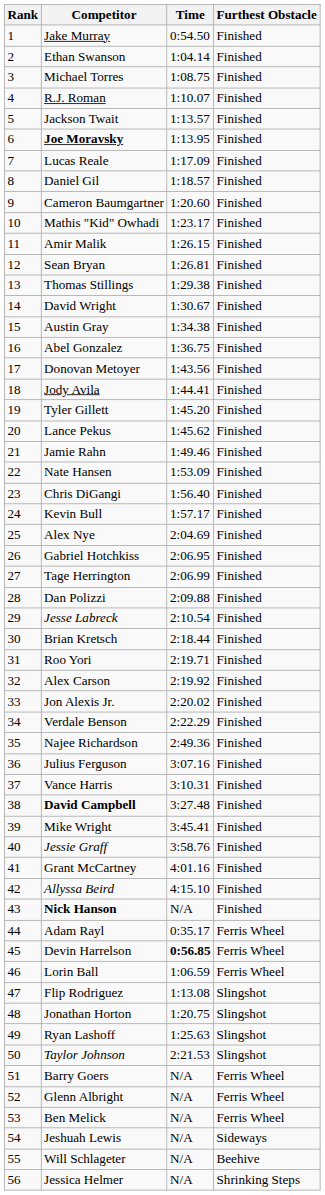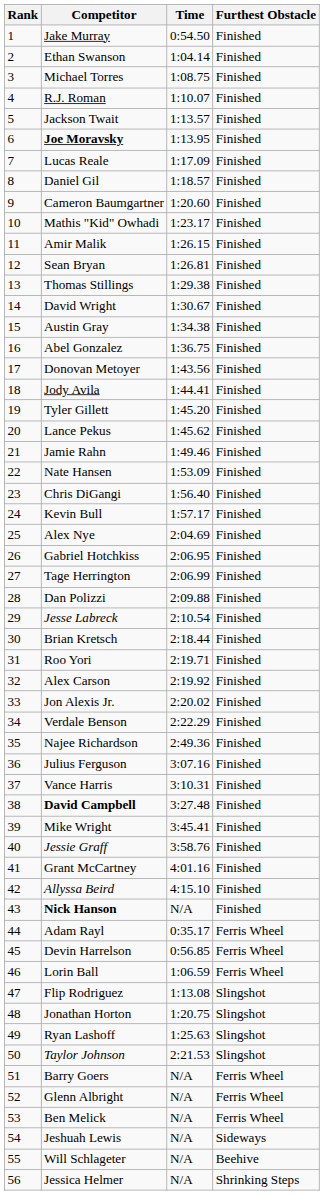 <table class="wikitable sortable mw-collapsible">
 <tr>
 <th>Rank</th>
 <th>Competitor</th>
 <th>Time</th>
 <th>Furthest Obstacle</th>
 </tr>
 <tr>
 <td>1</td>
 <td><u>Jake Murray</u></td>
 <td>0:54.50</td>
 <td>Finished</td>
 </tr>
 <tr>
 <td>2</td>
 <td>Ethan Swanson</td>
 <td>1:04.14</td>
 <td>Finished</td>
 </tr>
 <tr>
 <td>3</td>
 <td>Michael Torres</td>
 <td>1:08.75</td>
 <td>Finished</td>
 </tr>
 <tr>
 <td>4</td>
 <td><u>R.J. Roman</u></td>
 <td>1:10.07</td>
 <td>Finished</td>
 </tr>
 <tr>
 <td>5</td>
 <td>Jackson Twait</td>
 <td>1:13.57</td>
 <td>Finished</td>
 </tr>
 <tr>
 <td>6</td>
 <td><u><strong>Joe Moravsky</strong></u></td>
 <td>1:13.95</td>
 <td>Finished</td>
 </tr>
 <tr>
 <td>7</td>
 <td>Lucas Reale</td>
 <td>1:17.09</td>
 <td>Finished</td>
 </tr>
 <tr>
 <td>8</td>
 <td>Daniel Gil</td>
 <td>1:18.57</td>
 <td>Finished</td>
 </tr>
 <tr>
 <td>9</td>
 <td>Cameron Baumgartner</td>
 <td>1:20.60</td>
 <td>Finished</td>
 </tr>
 <tr>
 <td>10</td>
 <td>Mathis "Kid" Owhadi</td>
 <td>1:23.17</td>
 <td>Finished</td>
 </tr>
 <tr>
 <td>11</td>
 <td>Amir Malik</td>
 <td>1:26.15</td>
 <td>Finished</td>
 </tr>
 <tr>
 <td>12</td>
 <td>Sean Bryan</td>
 <td>1:26.81</td>
 <td>Finished</td>
 </tr>
 <tr>
 <td>13</td>
 <td>Thomas Stillings</td>
 <td>1:29.38</td>
 <td>Finished</td>
 </tr>
 <tr>
 <td>14</td>
 <td>David Wright</td>
 <td>1:30.67</td>
 <td>Finished</td>
 </tr>
 <tr>
 <td>15</td>
 <td>Austin Gray</td>
 <td>1:34.38</td>
 <td>Finished</td>
 </tr>
 <tr>
 <td>16</td>
 <td>Abel Gonzalez</td>
 <td>1:36.75</td>
 <td>Finished</td>
 </tr>
 <tr>
 <td>17</td>
 <td>Donovan Metoyer</td>
 <td>1:43.56</td>
 <td>Finished</td>
 </tr>
 <tr>
 <td>18</td>
 <td><u>Jody Avila </u></td>
 <td>1:44.41</td>
 <td>Finished</td>
 </tr>
 <tr>
 <td>19</td>
 <td>Tyler Gillett</td>
 <td>1:45.20</td>
 <td>Finished</td>
 </tr>
 <tr>
 <td>20</td>
 <td>Lance Pekus</td>
 <td>1:45.62</td>
 <td>Finished</td>
 </tr>
 <tr>
 <td>21</td>
 <td>Jamie Rahn</td>
 <td>1:49.46</td>
 <td>Finished</td>
 </tr>
 <tr>
 <td>22</td>
 <td>Nate Hansen</td>
 <td>1:53.09</td>
 <td>Finished</td>
 </tr>
 <tr>
 <td>23</td>
 <td>Chris DiGangi</td>
 <td>1:56.40</td>
 <td>Finished</td>
 </tr>
 <tr>
 <td>24</td>
 <td>Kevin Bull</td>
 <td>1:57.17</td>
 <td>Finished</td>
 </tr>
 <tr>
 <td>25</td>
 <td>Alex Nye</td>
 <td>2:04.69</td>
 <td>Finished</td>
 </tr>
 <tr>
 <td>26</td>
 <td>Gabriel Hotchkiss</td>
 <td>2:06.95</td>
 <td>Finished</td>
 </tr>
 <tr>
 <td>27</td>
 <td>Tage Herrington</td>
 <td>2:06.99</td>
 <td>Finished</td>
 </tr>
 <tr>
 <td>28</td>
 <td>Dan Polizzi</td>
 <td>2:09.88</td>
 <td>Finished</td>
 </tr>
 <tr>
 <td>29</td>
 <td><em>Jesse Labreck</em></td>
 <td>2:10.54</td>
 <td>Finished</td>
 </tr>
 <tr>
 <td>30</td>
 <td>Brian Kretsch</td>
 <td>2:18.44</td>
 <td>Finished</td>
 </tr>
 <tr>
 <td>31</td>
 <td>Roo Yori</td>
 <td>2:19.71</td>
 <td>Finished</td>
 </tr>
 <tr>
 <td>32</td>
 <td>Alex Carson</td>
 <td>2:19.92</td>
 <td>Finished</td>
 </tr>
 <tr>
 <td>33</td>
 <td>Jon Alexis Jr.</td>
 <td>2:20.02</td>
 <td>Finished</td>
 </tr>
 <tr>
 <td>34</td>
 <td>Verdale Benson</td>
 <td>2:22.29</td>
 <td>Finished</td>
 </tr>
 <tr>
 <td>35</td>
 <td>Najee Richardson</td>
 <td>2:49.36</td>
 <td>Finished</td>
 </tr>
 <tr>
 <td>36</td>
 <td>Julius Ferguson</td>
 <td>3:07.16</td>
 <td>Finished</td>
 </tr>
 <tr>
 <td>37</td>
 <td>Vance Harris</td>
 <td>3:10.31</td>
 <td>Finished</td>
 </tr>
 <tr>
 <td>38</td>
 <td><strong>David Campbell</strong></td>
 <td>3:27.48</td>
 <td>Finished</td>
 </tr>
 <tr>
 <td>39</td>
 <td>Mike Wright</td>
 <td>3:45.41</td>
 <td>Finished</td>
 </tr>
 <tr>
 <td>40</td>
 <td><em>Jessie Graff</em></td>
 <td>3:58.76</td>
 <td>Finished</td>
 </tr>
 <tr>
 <td>41</td>
 <td>Grant McCartney</td>
 <td>4:01.16</td>
 <td>Finished</td>
 </tr>
 <tr>
 <td>42</td>
 <td><em>Allyssa Beird</em></td>
 <td>4:15.10</td>
 <td>Finished</td>
 </tr>
 <tr>
 <td>43</td>
 <td><strong>Nick Hanson</strong></td>
 <td>N/A</td>
 <td>Finished</td>
 </tr>
 <tr>
 <td>44</td>
 <td>Adam Rayl</td>
 <td>0:35.17</td>
 <td>Ferris Wheel</td>
 </tr>
 <tr>
 <td>45</td>
 <td>Devin Harrelson</td>
-<td><strong>0:56.85</strong></td>
+<td>0:56.85</td>
 <td>Ferris Wheel</td>
 </tr>
 <tr>
 <td>46</td>
 <td>Lorin Ball</td>
 <td>1:06.59</td>
 <td>Ferris Wheel</td>
 </tr>
 <tr>
 <td>47</td>
 <td>Flip Rodriguez</td>
 <td>1:13.08</td>
 <td>Slingshot</td>
 </tr>
 <tr>
 <td>48</td>
 <td>Jonathan Horton</td>
 <td>1:20.75</td>
 <td>Slingshot</td>
 </tr>
 <tr>
 <td>49</td>
 <td>Ryan Lashoff</td>
 <td>1:25.63</td>
 <td>Slingshot</td>
 </tr>
 <tr>
 <td>50</td>
 <td><em>Taylor Johnson</em></td>
 <td>2:21.53</td>
 <td>Slingshot</td>
 </tr>
 <tr>
 <td>51</td>
 <td>Barry Goers</td>
 <td>N/A</td>
 <td>Ferris Wheel</td>
 </tr>
 <tr>
 <td>52</td>
 <td>Glenn Albright</td>
 <td>N/A</td>
 <td>Ferris Wheel</td>
 </tr>
 <tr>
 <td>53</td>
 <td>Ben Melick</td>
 <td>N/A</td>
 <td>Ferris Wheel</td>
 </tr>
 <tr>
 <td>54</td>
 <td>Jeshuah Lewis</td>
 <td>N/A</td>
 <td>Sideways</td>
 </tr>
 <tr>
 <td>55</td>
 <td>Will Schlageter</td>
 <td>N/A</td>
 <td>Beehive</td>
 </tr>
 <tr>
 <td>56</td>
 <td>Jessica Helmer</td>
 <td>N/A</td>
 <td>Shrinking Steps</td>
 </tr>
 </table>
